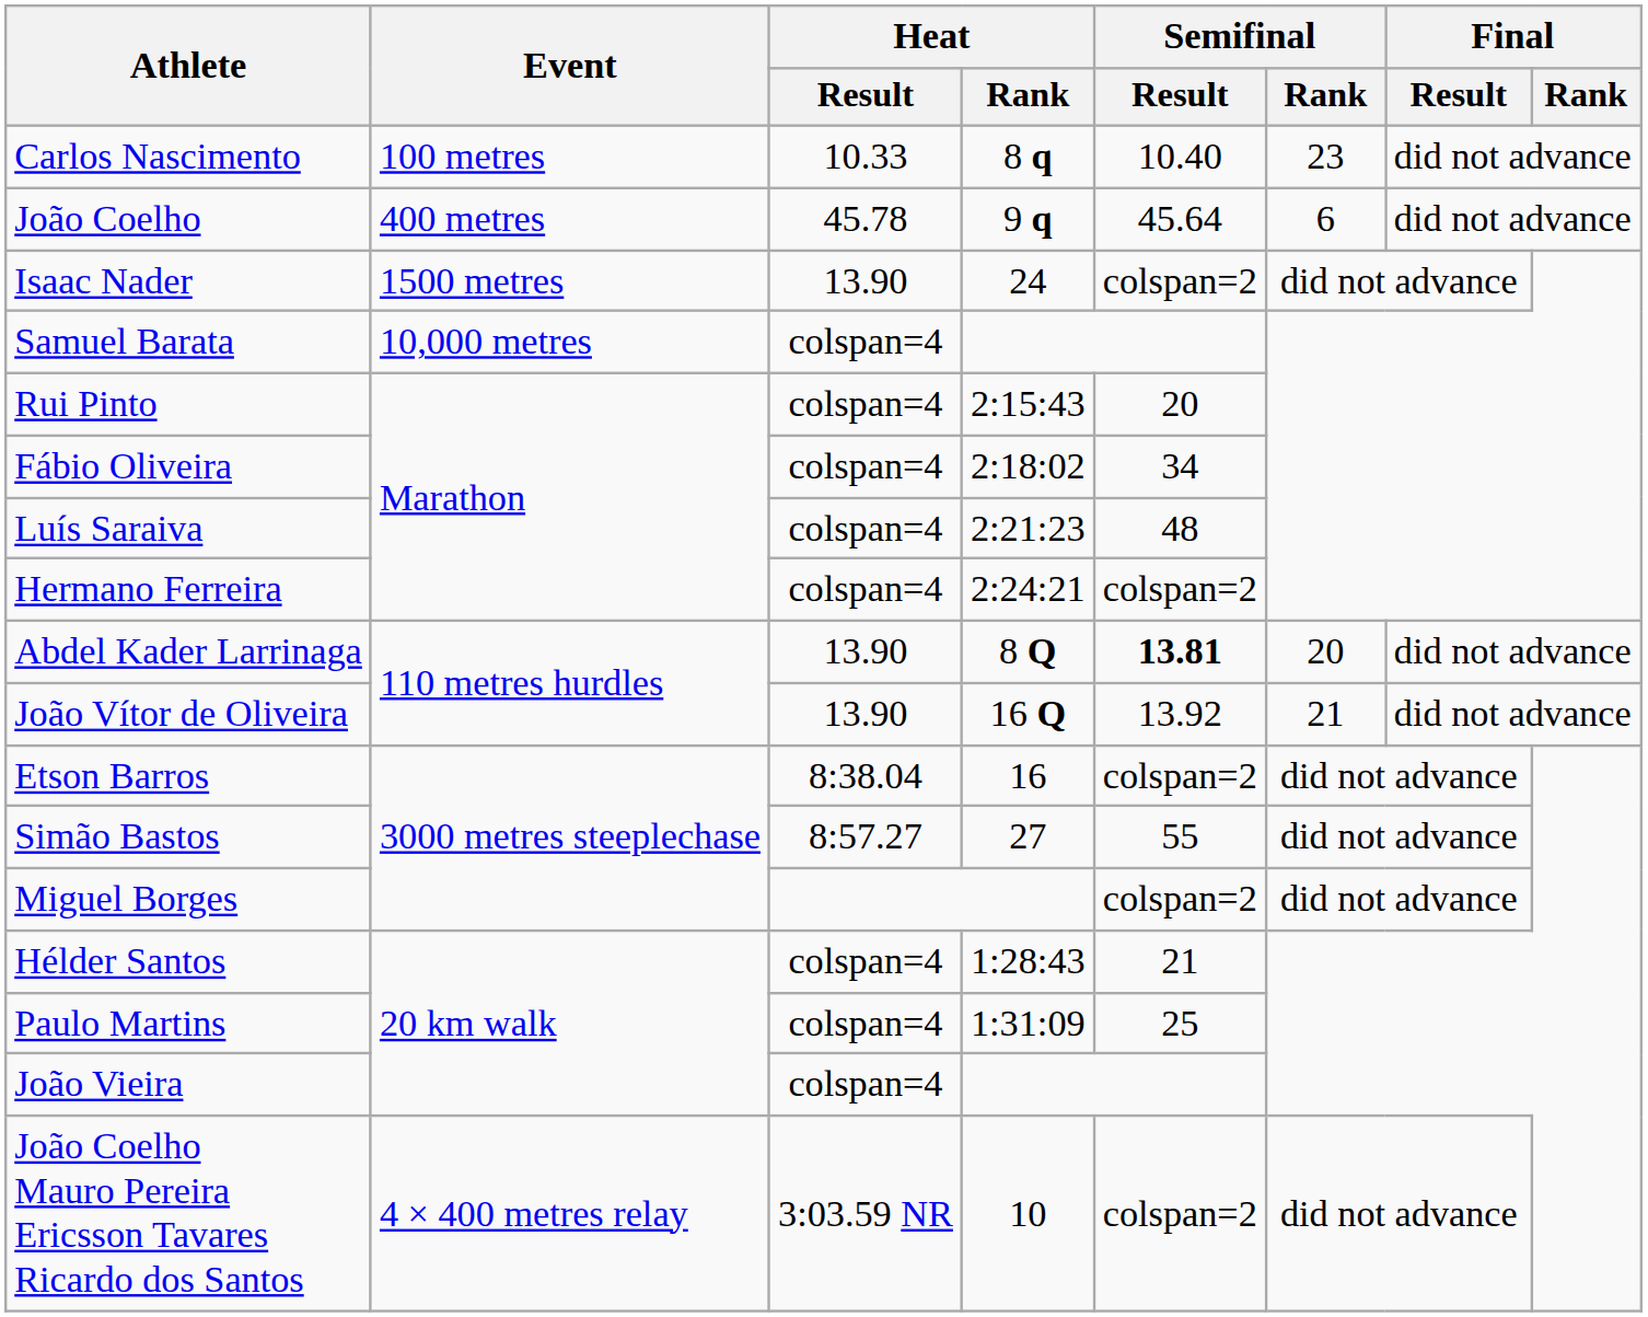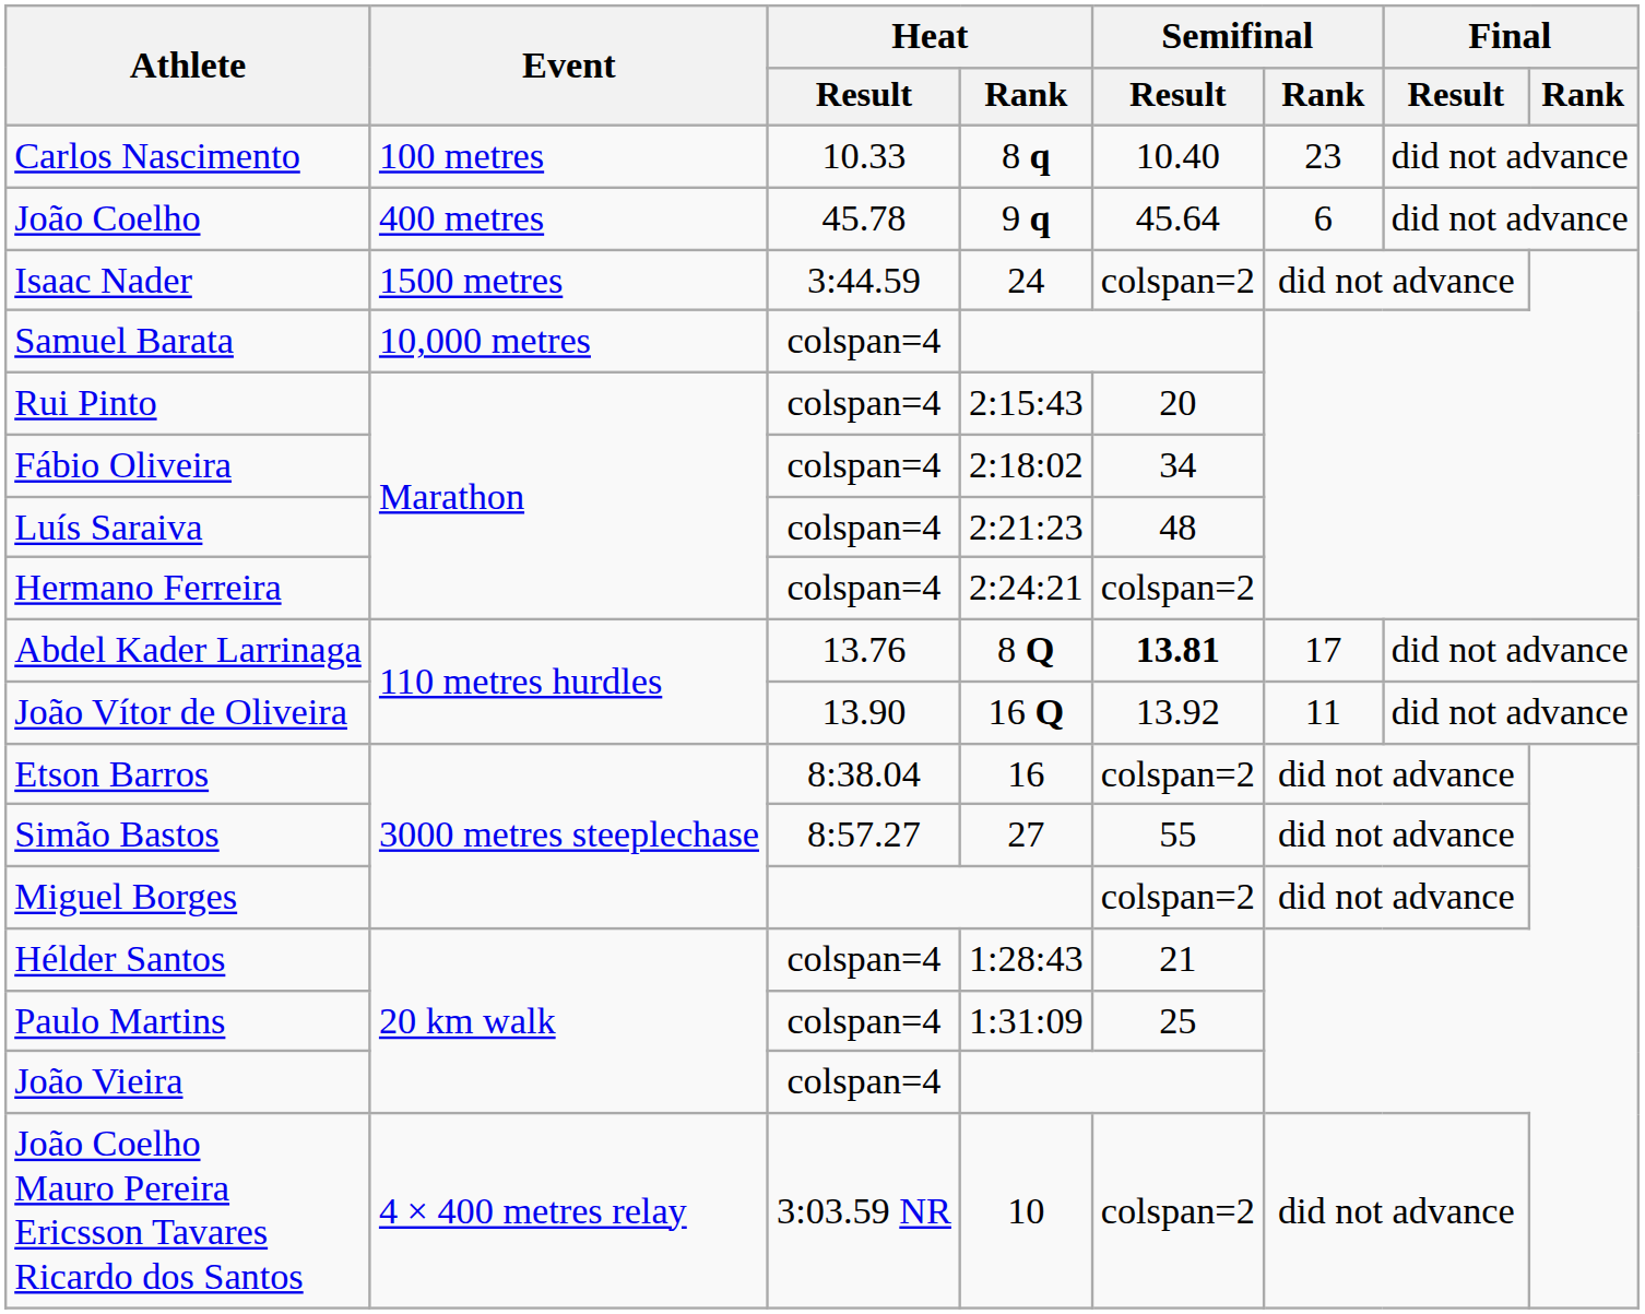 <table class=wikitable style=font-size:90%>
 <tr>
 <th rowspan=2>Athlete</th>
 <th rowspan=2>Event</th>
 <th colspan=2>Heat</th>
 <th colspan=2>Semifinal</th>
 <th colspan=2>Final</th>
 </tr>
 <tr style=font-size:95%>
 <th>Result</th>
 <th>Rank</th>
 <th>Result</th>
 <th>Rank</th>
 <th>Result</th>
 <th>Rank</th>
 </tr>
 <tr align=center>
 <td align=left><a href='#'>Carlos Nascimento</a></td>
 <td align=left><a href='#'>100 metres</a></td>
 <td>10.33</td>
 <td>8 <strong>q</strong></td>
 <td>10.40</td>
 <td>23</td>
 <td colspan=2>did not advance</td>
 </tr>
 <tr align=center>
 <td align=left><a href='#'>João Coelho</a></td>
 <td align=left><a href='#'>400 metres</a></td>
 <td>45.78</td>
 <td>9 <strong>q</strong></td>
 <td>45.64</td>
 <td>6</td>
 <td colspan=2>did not advance</td>
 </tr>
 <tr align=center>
 <td align=left><a href='#'>Isaac Nader</a></td>
 <td align=left><a href='#'>1500 metres</a></td>
-<td>13.90</td>
+<td>3:44.59</td>
 <td>24</td>
 <td>colspan=2</td>
 <td colspan=2>did not advance</td>
 </tr>
 <tr align=center>
 <td align=left><a href='#'>Samuel Barata</a></td>
 <td align=left><a href='#'>10,000 metres</a></td>
 <td>colspan=4</td>
 <td colspan=2></td>
 </tr>
 <tr align=center>
 <td align=left><a href='#'>Rui Pinto</a></td>
 <td align=left rowspan=4><a href='#'>Marathon</a></td>
 <td>colspan=4</td>
 <td>2:15:43</td>
 <td>20</td>
 </tr>
 <tr align=center>
 <td align=left><a href='#'>Fábio Oliveira</a></td>
 <td>colspan=4</td>
 <td>2:18:02</td>
 <td>34</td>
 </tr>
 <tr align=center>
 <td align=left><a href='#'>Luís Saraiva</a></td>
 <td>colspan=4</td>
 <td>2:21:23</td>
 <td>48</td>
 </tr>
 <tr align=center>
 <td align=left><a href='#'>Hermano Ferreira</a></td>
 <td>colspan=4</td>
 <td>2:24:21</td>
 <td>colspan=2</td>
 </tr>
 <tr align=center>
 <td align=left><a href='#'>Abdel Kader Larrinaga</a></td>
 <td align=left rowspan=2><a href='#'>110 metres hurdles</a></td>
-<td>13.90</td>
+<td>13.76</td>
 <td>8 <strong>Q</strong></td>
 <td><strong>13.81</strong></td>
-<td>20</td>
+<td>17</td>
 <td colspan=2>did not advance</td>
 </tr>
 <tr align=center>
 <td align=left><a href='#'>João Vítor de Oliveira</a></td>
 <td>13.90</td>
 <td>16 <strong>Q</strong></td>
 <td>13.92</td>
-<td>21</td>
+<td>11</td>
 <td colspan=2>did not advance</td>
 </tr>
 <tr align=center>
 <td align=left><a href='#'>Etson Barros</a></td>
 <td align=left rowspan=3><a href='#'>3000 metres steeplechase</a></td>
 <td>8:38.04</td>
 <td>16</td>
 <td>colspan=2</td>
 <td colspan=2>did not advance</td>
 </tr>
 <tr align=center>
 <td align=left><a href='#'>Simão Bastos</a></td>
 <td>8:57.27</td>
 <td>27</td>
 <td>55</td>
 <td colspan=2>did not advance</td>
 </tr>
 <tr align=center>
 <td align=left><a href='#'>Miguel Borges</a></td>
 <td colspan=2></td>
 <td>colspan=2</td>
 <td colspan=2>did not advance</td>
 </tr>
 <tr align=center>
 <td align=left><a href='#'>Hélder Santos</a></td>
 <td align=left rowspan=3><a href='#'>20 km walk</a></td>
 <td>colspan=4</td>
 <td>1:28:43</td>
 <td>21</td>
 </tr>
 <tr align=center>
 <td align=left><a href='#'>Paulo Martins</a></td>
 <td>colspan=4</td>
 <td>1:31:09</td>
 <td>25</td>
 </tr>
 <tr align=center>
 <td align=left><a href='#'>João Vieira</a></td>
 <td>colspan=4</td>
 <td colspan=2></td>
 </tr>
 <tr align=center>
 <td align=left><a href='#'>João Coelho</a> <br> <a href='#'>Mauro Pereira</a><br> <a href='#'>Ericsson Tavares</a><br> <a href='#'>Ricardo dos Santos</a></td>
 <td align=left><a href='#'>4 × 400 metres relay</a></td>
 <td>3:03.59 <a href='#'>NR</a></td>
 <td>10</td>
 <td>colspan=2</td>
 <td colspan=2>did not advance</td>
 </tr>
 </table>
